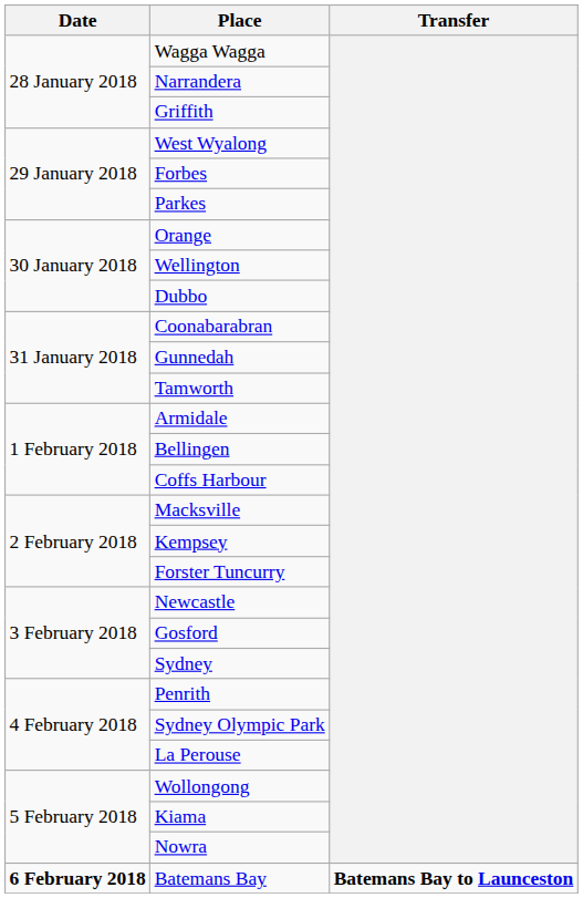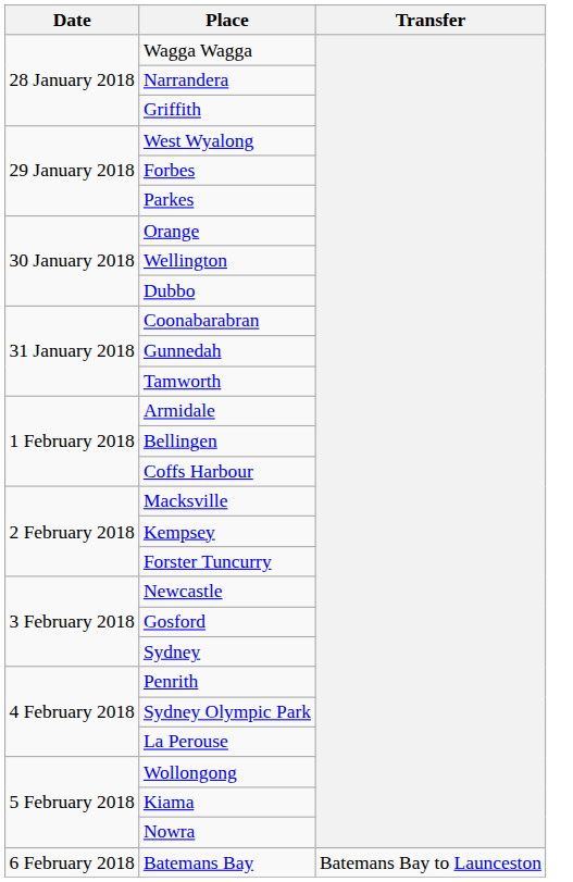 <table class="wikitable">
 <tr>
 <th>Date</th>
 <th>Place</th>
 <th>Transfer</th>
 </tr>
 <tr>
 <td rowspan="3">28 January 2018</td>
 <td>Wagga Wagga</td>
 <th rowspan="27"></th>
 </tr>
 <tr>
 <td><a href='#'>Narrandera</a></td>
 </tr>
 <tr>
 <td><a href='#'>Griffith</a></td>
 </tr>
 <tr>
 <td rowspan="3">29 January 2018</td>
 <td><a href='#'>West Wyalong</a></td>
 </tr>
 <tr>
 <td><a href='#'>Forbes</a></td>
 </tr>
 <tr>
 <td><a href='#'>Parkes</a></td>
 </tr>
 <tr>
 <td rowspan="3">30 January 2018</td>
 <td><a href='#'>Orange</a></td>
 </tr>
 <tr>
 <td><a href='#'>Wellington</a></td>
 </tr>
 <tr>
 <td><a href='#'>Dubbo</a></td>
 </tr>
 <tr>
 <td rowspan="3">31 January 2018</td>
 <td><a href='#'>Coonabarabran</a></td>
 </tr>
 <tr>
 <td><a href='#'>Gunnedah</a></td>
 </tr>
 <tr>
 <td><a href='#'>Tamworth</a></td>
 </tr>
 <tr>
 <td rowspan="3">1 February 2018</td>
 <td><a href='#'>Armidale</a></td>
 </tr>
 <tr>
 <td><a href='#'>Bellingen</a></td>
 </tr>
 <tr>
 <td><a href='#'>Coffs Harbour</a></td>
 </tr>
 <tr>
 <td rowspan="3">2 February 2018</td>
 <td><a href='#'>Macksville</a></td>
 </tr>
 <tr>
 <td><a href='#'>Kempsey</a></td>
 </tr>
 <tr>
 <td><a href='#'>Forster Tuncurry</a></td>
 </tr>
 <tr>
 <td rowspan="3">3 February 2018</td>
 <td><a href='#'>Newcastle</a></td>
 </tr>
 <tr>
 <td><a href='#'>Gosford</a></td>
 </tr>
 <tr>
 <td><a href='#'>Sydney</a></td>
 </tr>
 <tr>
 <td rowspan="3">4 February 2018</td>
 <td><a href='#'>Penrith</a></td>
 </tr>
 <tr>
 <td><a href='#'>Sydney Olympic Park</a></td>
 </tr>
 <tr>
 <td><a href='#'>La Perouse</a></td>
 </tr>
 <tr>
 <td rowspan="3">5 February 2018</td>
 <td><a href='#'>Wollongong</a></td>
 </tr>
 <tr>
 <td><a href='#'>Kiama</a></td>
 </tr>
 <tr>
 <td><a href='#'>Nowra</a></td>
 </tr>
 <tr>
-<td><strong>6 February 2018</strong></td>
+<td>6 February 2018</td>
 <td><a href='#'>Batemans Bay</a></td>
-<td><strong>Batemans Bay to <a href='#'>Launceston</a></strong></td>
+<td>Batemans Bay to <a href='#'>Launceston</a></td>
 </tr>
 </table>
